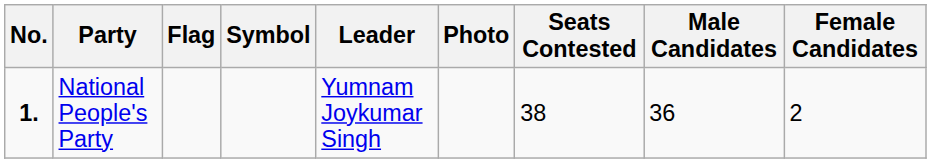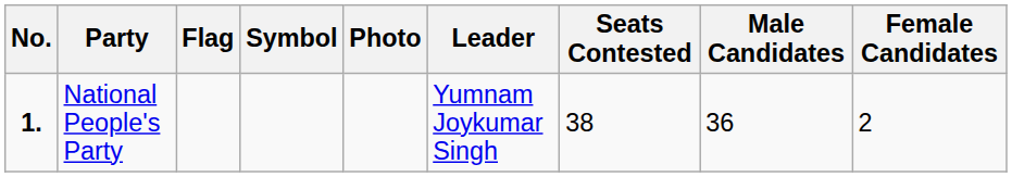 <table class="wikitable"  width="50%">
 <tr>
 <th>No.</th>
 <th>Party</th>
 <th>Flag</th>
 <th>Symbol</th>
+<th>Photo</th>
 <th>Leader</th>
-<th>Photo</th>
 <th>Seats Contested</th>
 <th>Male Candidates</th>
 <th>Female Candidates</th>
 </tr>
 <tr>
 <td ! style="text-align:center; background:"><strong>1.</strong></td>
 <td><a href='#'>National People's Party</a></td>
 <td></td>
 <td></td>
+<td></td>
 <td><a href='#'>Yumnam Joykumar Singh</a></td>
-<td></td>
 <td>38</td>
 <td>36</td>
 <td>2</td>
 </tr>
 </table>
